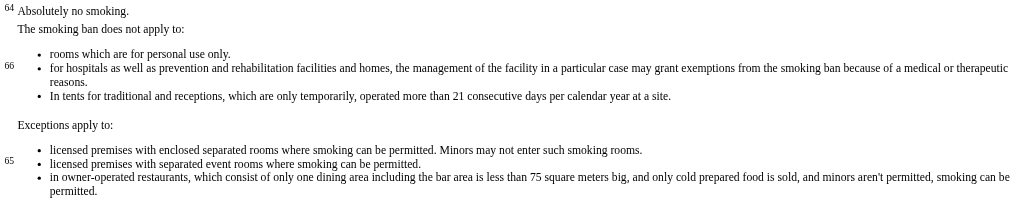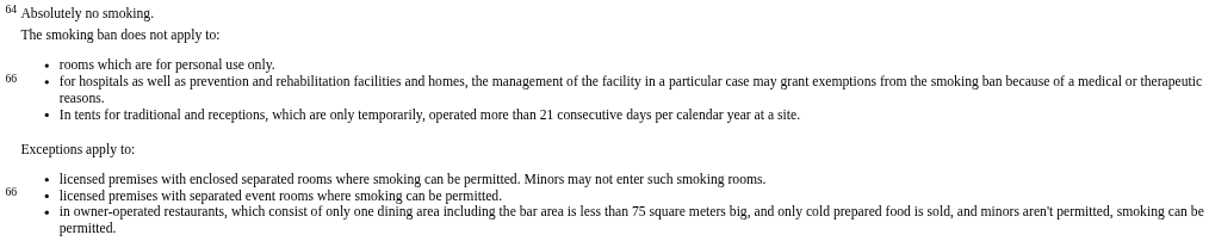 <table class="toptextcells" style="font-size: 90%;">
 <tr>
 <td tyle="text-align: right; padding-right: 0.33em"><sup>64</sup></td>
 <td>Absolutely no smoking.</td>
 </tr>
 <tr>
 <td tyle="text-align: right; padding-right: 0.33em"><sup>66</sup></td>
 <td>The smoking ban does not apply to:<br><ul><li>rooms which are for personal use only.</li><li>for hospitals as well as prevention and rehabilitation facilities and homes, the management of the facility in a particular case may grant exemptions from the smoking ban because of a medical or therapeutic reasons.</li><li>In tents for traditional and receptions, which are only temporarily, operated more than 21 consecutive days per calendar year at a site.</li></ul></td>
 </tr>
 <tr>
-<td tyle="text-align: right; padding-right: 0.33em"><sup>65</sup></td>
+<td tyle="text-align: right; padding-right: 0.33em"><sup>66</sup></td>
 <td>Exceptions apply to:<br><ul><li>licensed premises with enclosed separated rooms where smoking can be permitted. Minors may not enter such smoking rooms.</li><li>licensed premises with separated event rooms where smoking can be permitted.</li><li>in owner-operated restaurants, which consist of only one dining area including the bar area is less than 75 square meters big, and only cold prepared food is sold, and minors aren't permitted, smoking can be permitted.</li></ul></td>
 </tr>
 </table>
